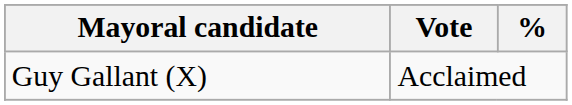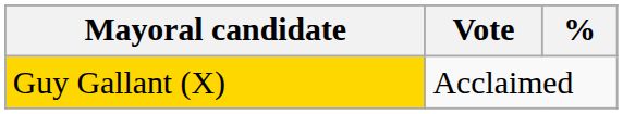 <table class="wikitable">
 <tr>
 <th bgcolor="#DDDDFF" width="200px">Mayoral candidate</th>
 <th bgcolor="#DDDDFF" width="50px">Vote</th>
 <th bgcolor="#DDDDFF"  width="30px">%</th>
 </tr>
 <tr>
-<td>Guy Gallant (X)</td>
+<td style="background: gold;">Guy Gallant (X)</td>
 <td colspan="2">Acclaimed</td>
 </tr>
 </table>
